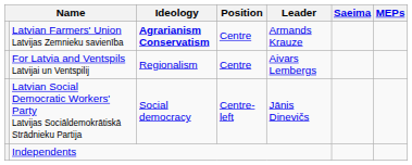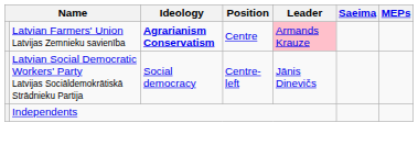 <table class="wikitable">
 <tr>
 <th colspan=2 width=225px>Name</th>
 <th>Ideology</th>
 <th>Position</th>
 <th>Leader</th>
 <th><a href='#'>Saeima</a></th>
 <th><a href='#'>MEPs</a></th>
 </tr>
 <tr>
 <th style="background:"></th>
 <td><a href='#'>Latvian Farmers' Union</a><br><small>Latvijas Zemnieku savienība</small></td>
 <td><strong><a href='#'>Agrarianism</a><br><a href='#'>Conservatism</a></strong></td>
 <td><a href='#'>Centre</a></td>
-<td><a href='#'>Armands Krauze</a></td>
-<td></td>
-<td></td>
-</tr>
-<tr>
-<th style="background:"></th>
-<td><a href='#'>For Latvia and Ventspils</a><br><small>Latvijai un Ventspilij</small></td>
-<td><a href='#'>Regionalism</a></td>
-<td><a href='#'>Centre</a></td>
-<td><a href='#'>Aivars Lembergs</a></td>
+<td style="background: pink;"><a href='#'>Armands Krauze</a></td>
 <td></td>
 <td></td>
 </tr>
 <tr>
 <th style="background:"></th>
 <td><a href='#'>Latvian Social Democratic Workers' Party</a><br><small>Latvijas Sociāldemokrātiskā Strādnieku Partija</small></td>
 <td><a href='#'>Social democracy</a></td>
 <td><a href='#'>Centre-left</a></td>
 <td><a href='#'>Jānis Dinevičs</a></td>
 <td></td>
 <td></td>
 </tr>
 <tr>
 <th style="background:"></th>
 <td colspan=4 width=225px><a href='#'>Independents</a></td>
 <td></td>
 <td></td>
 </tr>
 </table>
